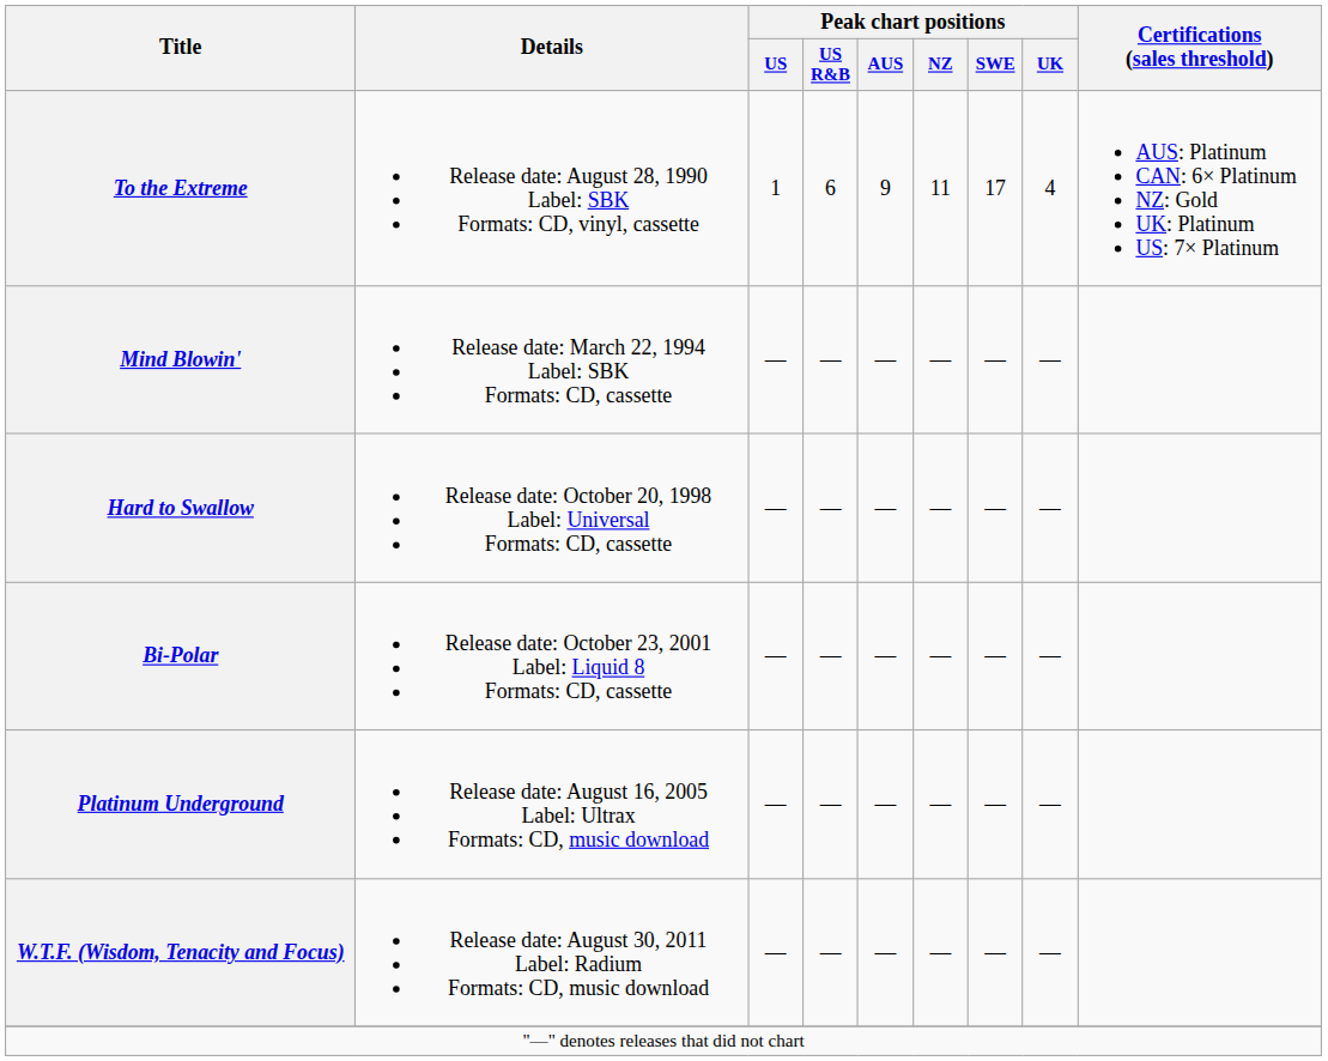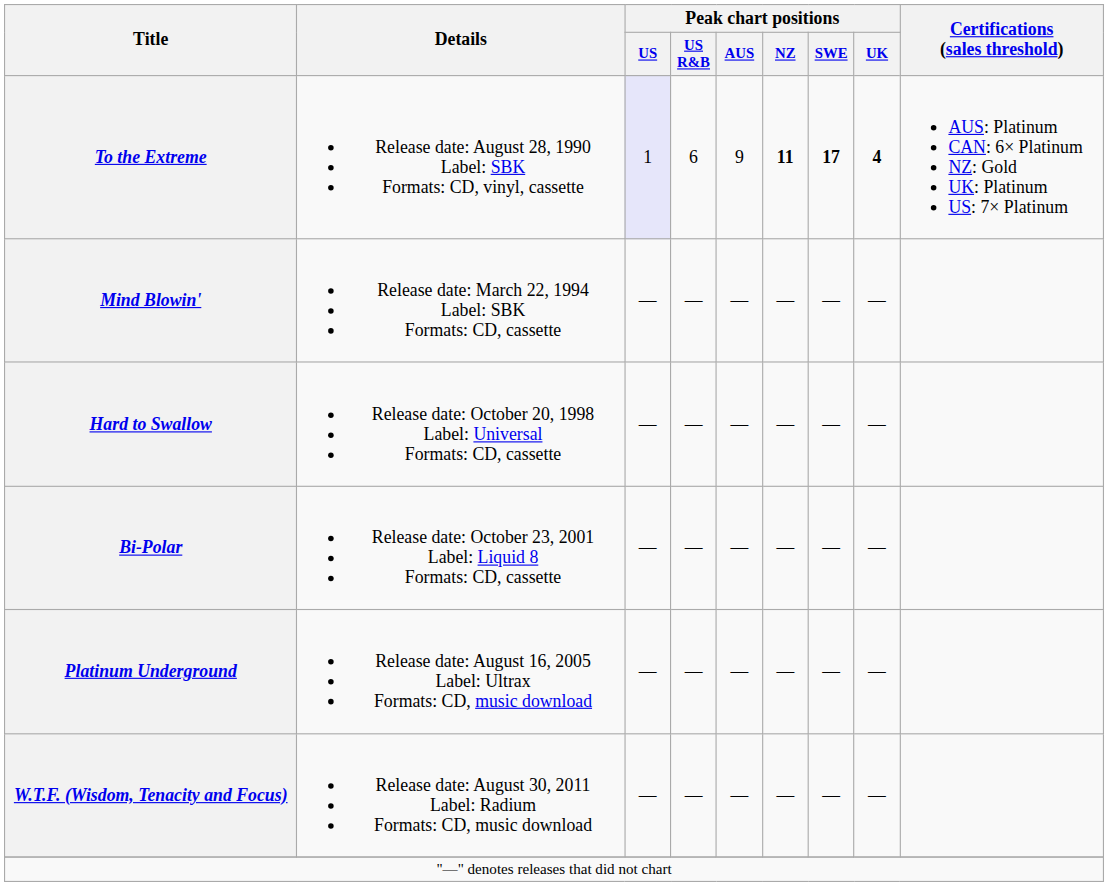 <table class="wikitable plainrowheaders" style="text-align:center;">
 <tr>
 <th rowspan="2" style="width:16em;">Title</th>
 <th rowspan="2" style="width:18em;">Details</th>
 <th colspan="6">Peak chart positions</th>
 <th rowspan="2" style="width:11em;"><a href='#'>Certifications</a><br>(<a href='#'>sales threshold</a>)</th>
 </tr>
 <tr style="font-size:smaller;">
 <th width="35"><a href='#'>US</a><br></th>
 <th width="35"><a href='#'>US R&B</a><br></th>
 <th width="35"><a href='#'>AUS</a><br></th>
 <th width="35"><a href='#'>NZ</a><br></th>
 <th width="35"><a href='#'>SWE</a><br></th>
 <th width="35"><a href='#'>UK</a><br></th>
 </tr>
 <tr>
 <th scope="row"><em><a href='#'>To the Extreme</a></em></th>
 <td><br><ul><li>Release date: August 28, 1990</li><li>Label: <a href='#'>SBK</a></li><li>Formats: CD, vinyl, cassette</li></ul></td>
-<td>1</td>
+<td style="background: lavender;">1</td>
 <td>6</td>
 <td>9</td>
-<td>11</td>
-<td>17</td>
-<td>4</td>
+<td><strong>11</strong></td>
+<td><strong>17</strong></td>
+<td><strong>4</strong></td>
 <td align="left"><br><ul><li><a href='#'>AUS</a>: Platinum</li><li><a href='#'>CAN</a>: 6× Platinum</li><li><a href='#'>NZ</a>: Gold</li><li><a href='#'>UK</a>: Platinum</li><li><a href='#'>US</a>: 7× Platinum</li></ul></td>
 </tr>
 <tr>
 <th scope="row"><em><a href='#'>Mind Blowin'</a></em></th>
 <td><br><ul><li>Release date: March 22, 1994</li><li>Label: SBK</li><li>Formats: CD, cassette</li></ul></td>
 <td>—</td>
 <td>—</td>
 <td>—</td>
 <td>—</td>
 <td>—</td>
 <td>—</td>
 <td></td>
 </tr>
 <tr>
 <th scope="row"><em><a href='#'>Hard to Swallow</a></em></th>
 <td><br><ul><li>Release date: October 20, 1998</li><li>Label: <a href='#'>Universal</a></li><li>Formats: CD, cassette</li></ul></td>
 <td>—</td>
 <td>—</td>
 <td>—</td>
 <td>—</td>
 <td>—</td>
 <td>—</td>
 <td></td>
 </tr>
 <tr>
 <th scope="row"><em><a href='#'>Bi-Polar</a></em></th>
 <td><br><ul><li>Release date: October 23, 2001</li><li>Label: <a href='#'>Liquid 8</a></li><li>Formats: CD, cassette</li></ul></td>
 <td>—</td>
 <td>—</td>
 <td>—</td>
 <td>—</td>
 <td>—</td>
 <td>—</td>
 <td></td>
 </tr>
 <tr>
 <th scope="row"><em><a href='#'>Platinum Underground</a></em></th>
 <td><br><ul><li>Release date: August 16, 2005</li><li>Label: Ultrax</li><li>Formats: CD, <a href='#'>music download</a></li></ul></td>
 <td>—</td>
 <td>—</td>
 <td>—</td>
 <td>—</td>
 <td>—</td>
 <td>—</td>
 <td></td>
 </tr>
 <tr>
 <th scope="row"><em><a href='#'>W.T.F. (Wisdom, Tenacity and Focus)</a></em></th>
 <td><br><ul><li>Release date: August 30, 2011</li><li>Label: Radium</li><li>Formats: CD, music download</li></ul></td>
 <td>—</td>
 <td>—</td>
 <td>—</td>
 <td>—</td>
 <td>—</td>
 <td>—</td>
 <td></td>
 </tr>
 <tr>
 </tr>
 <tr>
 <td colspan="10" style="font-size:85%">"—" denotes releases that did not chart</td>
 </tr>
 </table>
